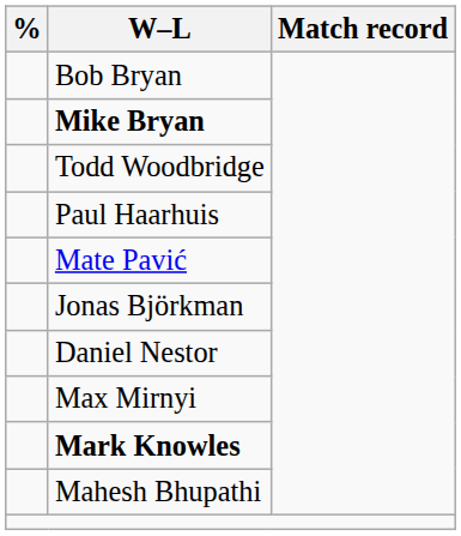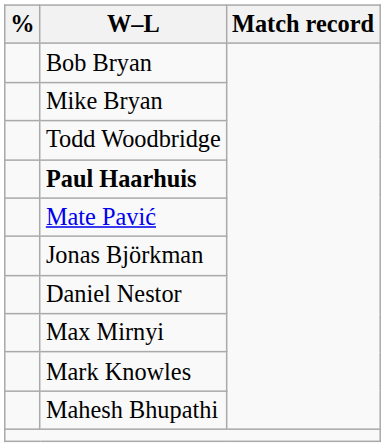 <table class="wikitable nowrap" style="text-align:center; display:inline-table">
 <tr>
 <th scope="col" style="width:20">%</th>
 <th scope="col">W–L</th>
 <th>Match record</th>
 </tr>
 <tr>
 <td></td>
 <td style="text-align: left;"> Bob Bryan</td>
 </tr>
 <tr>
 <td></td>
-<td style="text-align: left;"><strong> Mike Bryan</strong></td>
+<td style="text-align: left;"> Mike Bryan</td>
 </tr>
 <tr>
 <td></td>
 <td style="text-align: left;"> Todd Woodbridge</td>
 </tr>
 <tr>
 <td></td>
-<td style="text-align: left;"> Paul Haarhuis</td>
+<td style="text-align: left;"><strong> Paul Haarhuis</strong></td>
 </tr>
 <tr>
 <td></td>
 <td style="text-align: left;"> <a href='#'>Mate Pavić</a></td>
 </tr>
 <tr>
 <td></td>
 <td style="text-align: left;"> Jonas Björkman</td>
 </tr>
 <tr>
 <td></td>
 <td style="text-align: left;"> Daniel Nestor</td>
 </tr>
 <tr>
 <td></td>
 <td style="text-align: left;"> Max Mirnyi</td>
 </tr>
 <tr>
 <td></td>
-<td style="text-align: left;"><strong> Mark Knowles</strong></td>
+<td style="text-align: left;"> Mark Knowles</td>
 </tr>
 <tr>
 <td></td>
 <td style="text-align: left;"> Mahesh Bhupathi</td>
 </tr>
 <tr>
 <td colspan="3"></td>
 </tr>
 </table>
